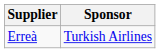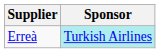 <table class="wikitable">
 <tr>
 <th>Supplier</th>
 <th>Sponsor</th>
 </tr>
 <tr>
 <td> <a href='#'>Erreà</a></td>
-<td> <a href='#'>Turkish Airlines</a></td>
+<td style="background: paleturquoise;"> <a href='#'>Turkish Airlines</a></td>
 </tr>
 </table>
